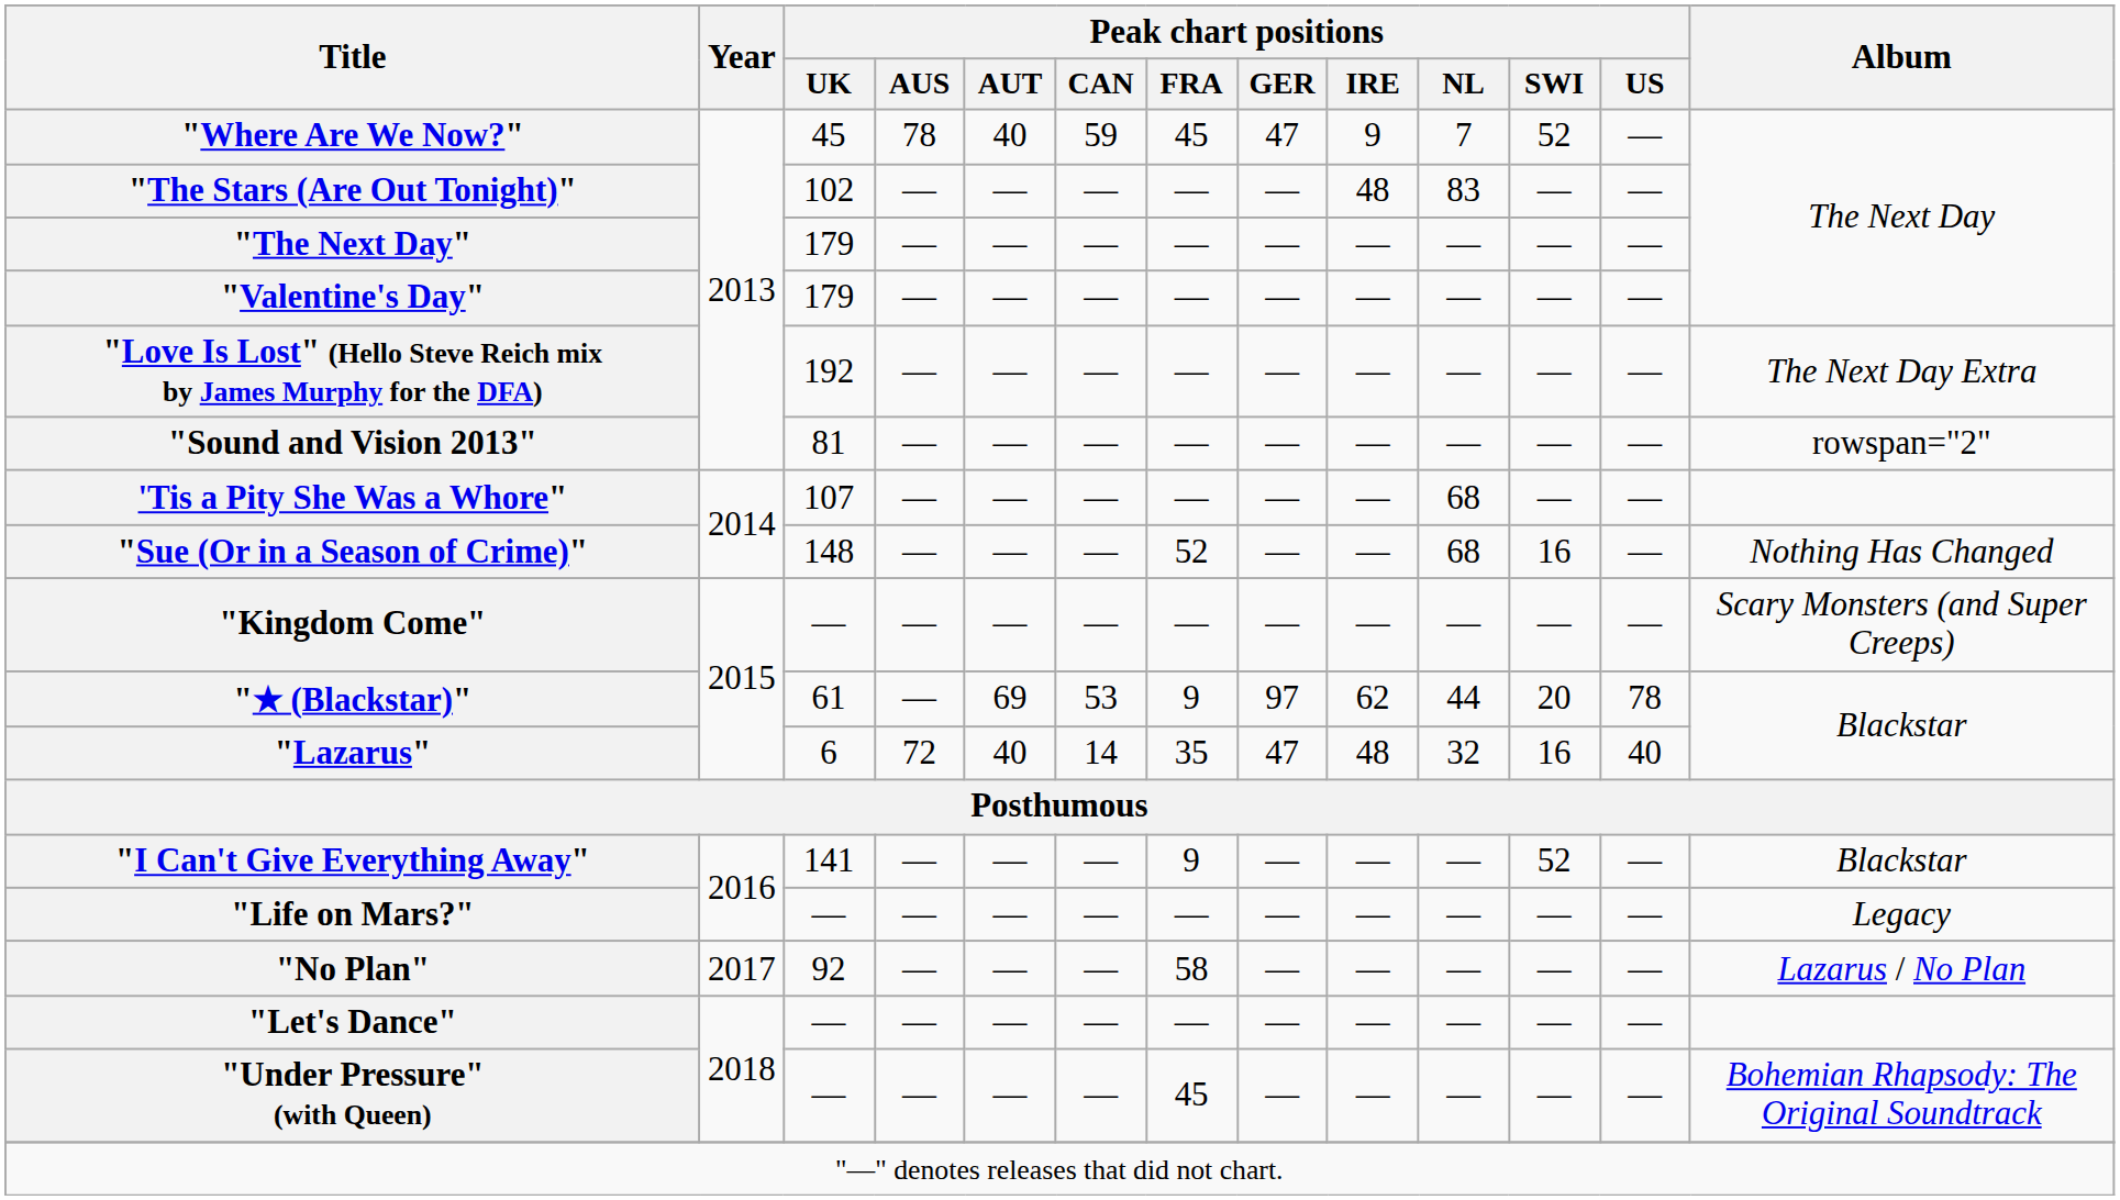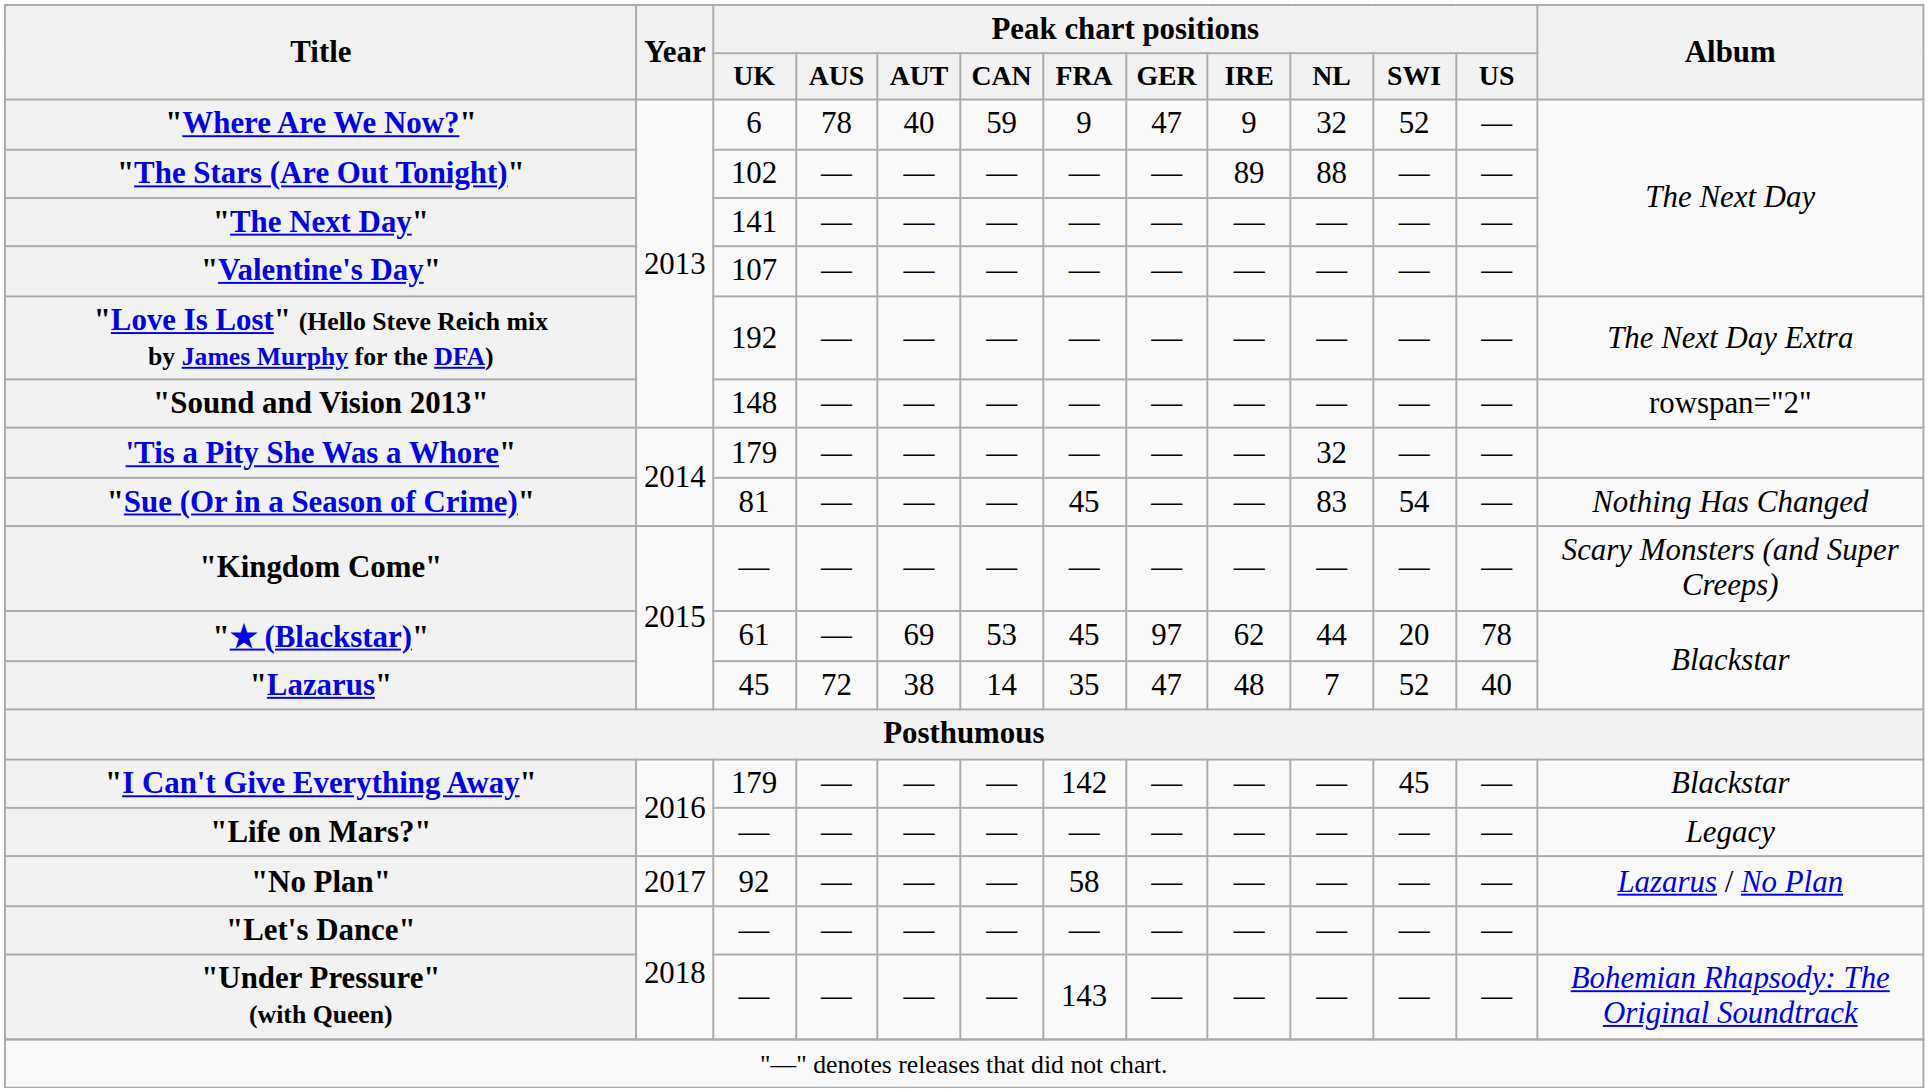 <table class="wikitable plainrowheaders" style="text-align:center;">
 <tr>
 <th scope="col" rowspan="2" style="width:20em;">Title</th>
 <th scope="col" rowspan="2" style="width:1em;">Year</th>
 <th scope="col" colspan="10">Peak chart positions</th>
 <th scope="col" rowspan="2" style="width:12em;">Album</th>
 </tr>
 <tr>
 <th scope="col" style="width:2.5em; font-size:90%;">UK<br></th>
 <th scope="col" style="width:2.5em; font-size:90%;">AUS<br></th>
 <th scope="col" style="width:2.5em; font-size:90%;">AUT<br></th>
 <th scope="col" style="width:2.5em; font-size:90%;">CAN<br></th>
 <th scope="col" style="width:2.5em; font-size:90%;">FRA<br></th>
 <th scope="col" style="width:2.5em; font-size:90%;">GER<br></th>
 <th scope="col" style="width:2.5em; font-size:90%;">IRE<br></th>
 <th scope="col" style="width:2.5em; font-size:90%;">NL<br></th>
 <th scope="col" style="width:2.5em; font-size:90%;">SWI<br></th>
 <th scope="col" style="width:2.5em; font-size:90%;">US<br></th>
 </tr>
 <tr>
 <th scope="row">"<a href='#'>Where Are We Now?</a>"</th>
 <td rowspan="6">2013</td>
-<td>45</td>
+<td>6</td>
 <td>78</td>
 <td>40</td>
 <td>59</td>
-<td>45</td>
+<td>9</td>
 <td>47</td>
 <td>9</td>
-<td>7</td>
+<td>32</td>
 <td>52</td>
 <td>—</td>
 <td rowspan="4"><em>The Next Day</em></td>
 </tr>
 <tr>
 <th scope="row">"<a href='#'>The Stars (Are Out Tonight)</a>"</th>
 <td>102</td>
 <td>—</td>
 <td>—</td>
 <td>—</td>
 <td>—</td>
 <td>—</td>
-<td>48</td>
-<td>83</td>
+<td>89</td>
+<td>88</td>
 <td>—</td>
 <td>—</td>
 </tr>
 <tr>
 <th scope="row">"<a href='#'>The Next Day</a>"</th>
-<td>179</td>
+<td>141</td>
 <td>—</td>
 <td>—</td>
 <td>—</td>
 <td>—</td>
 <td>—</td>
 <td>—</td>
 <td>—</td>
 <td>—</td>
 <td>—</td>
 </tr>
 <tr>
 <th scope="row">"<a href='#'>Valentine's Day</a>"</th>
-<td>179</td>
+<td>107</td>
 <td>—</td>
 <td>—</td>
 <td>—</td>
 <td>—</td>
 <td>—</td>
 <td>—</td>
 <td>—</td>
 <td>—</td>
 <td>—</td>
 </tr>
 <tr>
 <th scope="row">"<a href='#'>Love Is Lost</a>" <small>(Hello Steve Reich mix<br>by <a href='#'>James Murphy</a> for the <a href='#'>DFA</a>)</small></th>
 <td>192</td>
 <td>—</td>
 <td>—</td>
 <td>—</td>
 <td>—</td>
 <td>—</td>
 <td>—</td>
 <td>—</td>
 <td>—</td>
 <td>—</td>
 <td><em>The Next Day Extra</em></td>
 </tr>
 <tr>
 <th scope="row">"Sound and Vision 2013"</th>
-<td>81</td>
+<td>148</td>
 <td>—</td>
 <td>—</td>
 <td>—</td>
 <td>—</td>
 <td>—</td>
 <td>—</td>
 <td>—</td>
 <td>—</td>
 <td>—</td>
 <td>rowspan="2" </td>
 </tr>
 <tr>
 <th scope="row"><a href='#'>'Tis a Pity She Was a Whore</a>"</th>
 <td rowspan="2">2014</td>
-<td>107</td>
+<td>179</td>
 <td>—</td>
 <td>—</td>
 <td>—</td>
 <td>—</td>
 <td>—</td>
 <td>—</td>
-<td>68</td>
+<td>32</td>
 <td>—</td>
 <td>—</td>
 </tr>
 <tr>
 <th scope="row">"<a href='#'>Sue (Or in a Season of Crime)</a>"</th>
-<td>148</td>
+<td>81</td>
 <td>—</td>
 <td>—</td>
 <td>—</td>
-<td>52</td>
+<td>45</td>
 <td>—</td>
 <td>—</td>
-<td>68</td>
-<td>16</td>
+<td>83</td>
+<td>54</td>
 <td>—</td>
 <td><em>Nothing Has Changed</em></td>
 </tr>
 <tr>
 <th scope="row">"Kingdom Come"</th>
 <td rowspan="3">2015</td>
 <td>—</td>
 <td>—</td>
 <td>—</td>
 <td>—</td>
 <td>—</td>
 <td>—</td>
 <td>—</td>
 <td>—</td>
 <td>—</td>
 <td>—</td>
 <td><em>Scary Monsters (and Super Creeps)</em></td>
 </tr>
 <tr>
 <th scope="row">"<a href='#'>★ (Blackstar)</a>"</th>
 <td>61</td>
 <td>—</td>
 <td>69</td>
 <td>53</td>
-<td>9</td>
+<td>45</td>
 <td>97</td>
 <td>62</td>
 <td>44</td>
 <td>20</td>
 <td>78</td>
 <td rowspan="2"><em>Blackstar</em></td>
 </tr>
 <tr>
 <th scope="row">"<a href='#'>Lazarus</a>"</th>
-<td>6</td>
+<td>45</td>
 <td>72</td>
-<td>40</td>
+<td>38</td>
 <td>14</td>
 <td>35</td>
 <td>47</td>
 <td>48</td>
-<td>32</td>
-<td>16</td>
+<td>7</td>
+<td>52</td>
 <td>40</td>
 </tr>
 <tr>
 <th colspan="13">Posthumous</th>
 </tr>
 <tr>
 <th scope="row">"<a href='#'>I Can't Give Everything Away</a>"</th>
 <td rowspan="2">2016</td>
-<td>141</td>
+<td>179</td>
 <td>—</td>
 <td>—</td>
 <td>—</td>
-<td>9</td>
+<td>142</td>
 <td>—</td>
 <td>—</td>
 <td>—</td>
-<td>52</td>
+<td>45</td>
 <td>—</td>
 <td><em>Blackstar</em></td>
 </tr>
 <tr>
 <th scope="row">"Life on Mars?" </th>
 <td>—</td>
 <td>—</td>
 <td>—</td>
 <td>—</td>
 <td>—</td>
 <td>—</td>
 <td>—</td>
 <td>—</td>
 <td>—</td>
 <td>—</td>
 <td><em>Legacy</em></td>
 </tr>
 <tr>
 <th scope="row">"No Plan"</th>
 <td>2017</td>
 <td>92</td>
 <td>—</td>
 <td>—</td>
 <td>—</td>
 <td>58</td>
 <td>—</td>
 <td>—</td>
 <td>—</td>
 <td>—</td>
 <td>—</td>
 <td><em><a href='#'>Lazarus</a></em> / <em><a href='#'>No Plan</a></em></td>
 </tr>
 <tr>
 <th scope="row">"Let's Dance" </th>
 <td rowspan="2">2018</td>
 <td>—</td>
 <td>—</td>
 <td>—</td>
 <td>—</td>
 <td>—</td>
 <td>—</td>
 <td>—</td>
 <td>—</td>
 <td>—</td>
 <td>—</td>
 <td></td>
 </tr>
 <tr>
 <th scope="row">"Under Pressure"<br><small>(with Queen)</small></th>
 <td>—</td>
 <td>—</td>
 <td>—</td>
 <td>—</td>
-<td>45</td>
+<td>143</td>
 <td>—</td>
 <td>—</td>
 <td>—</td>
 <td>—</td>
 <td>—</td>
 <td><em><a href='#'>Bohemian Rhapsody: The Original Soundtrack</a></em></td>
 </tr>
 <tr>
 </tr>
 <tr>
 <td colspan="16"><small>"—" denotes releases that did not chart.</small></td>
 </tr>
 </table>
